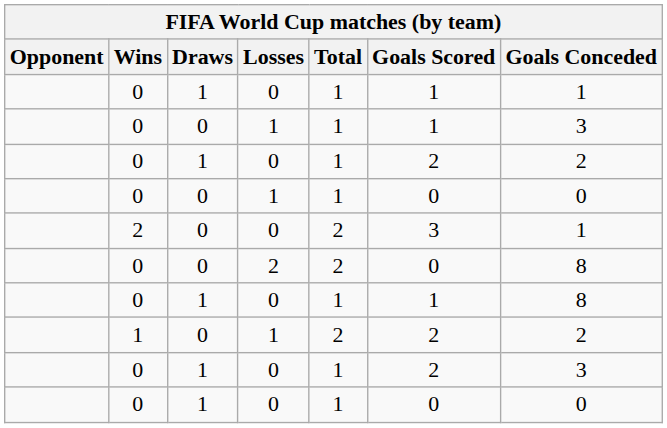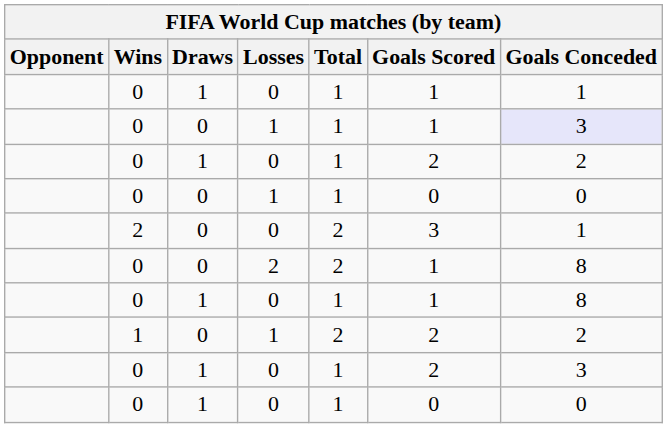 <table class="wikitable sortable" style="text-align: center;">
 <tr>
 <th colspan=7>FIFA World Cup matches (by team)</th>
 </tr>
 <tr>
 <th>Opponent</th>
 <th>Wins</th>
 <th>Draws</th>
 <th>Losses</th>
 <th>Total</th>
 <th>Goals Scored</th>
 <th>Goals Conceded</th>
 </tr>
 <tr>
 <td align="left"></td>
 <td>0</td>
 <td>1</td>
 <td>0</td>
 <td>1</td>
 <td>1</td>
 <td>1</td>
 </tr>
 <tr>
 <td align="left"></td>
 <td>0</td>
 <td>0</td>
 <td>1</td>
 <td>1</td>
 <td>1</td>
-<td>3</td>
+<td style="background: lavender;">3</td>
 </tr>
 <tr>
 <td align="left"></td>
 <td>0</td>
 <td>1</td>
 <td>0</td>
 <td>1</td>
 <td>2</td>
 <td>2</td>
 </tr>
 <tr>
 <td align="left"></td>
 <td>0</td>
 <td>0</td>
 <td>1</td>
 <td>1</td>
 <td>0</td>
 <td>0</td>
 </tr>
 <tr>
 <td align="left"></td>
 <td>2</td>
 <td>0</td>
 <td>0</td>
 <td>2</td>
 <td>3</td>
 <td>1</td>
 </tr>
 <tr>
 <td align="left"></td>
 <td>0</td>
 <td>0</td>
 <td>2</td>
 <td>2</td>
-<td>0</td>
+<td>1</td>
 <td>8</td>
 </tr>
 <tr>
 <td align="left"></td>
 <td>0</td>
 <td>1</td>
 <td>0</td>
 <td>1</td>
 <td>1</td>
 <td>8</td>
 </tr>
 <tr>
 <td align="left"></td>
 <td>1</td>
 <td>0</td>
 <td>1</td>
 <td>2</td>
 <td>2</td>
 <td>2</td>
 </tr>
 <tr>
 <td align="left"></td>
 <td>0</td>
 <td>1</td>
 <td>0</td>
 <td>1</td>
 <td>2</td>
 <td>3</td>
 </tr>
 <tr>
 <td align="left"></td>
 <td>0</td>
 <td>1</td>
 <td>0</td>
 <td>1</td>
 <td>0</td>
 <td>0</td>
 </tr>
 </table>
